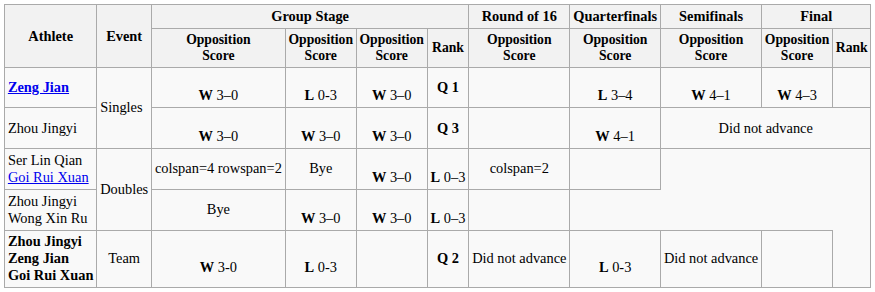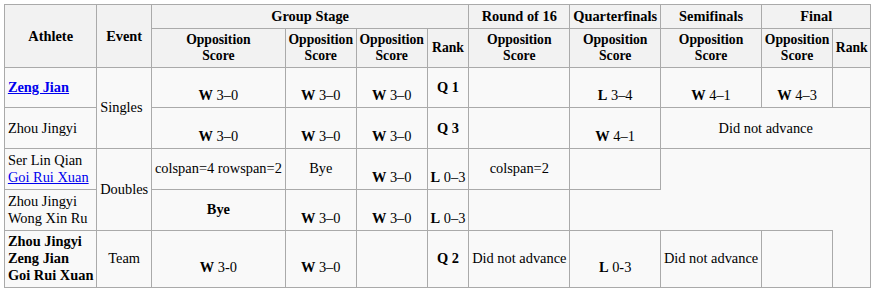 <table class="wikitable" style="font-size:90%">
 <tr>
 <th rowspan="2">Athlete</th>
 <th rowspan="2">Event</th>
 <th colspan="4">Group Stage</th>
 <th>Round of 16</th>
 <th>Quarterfinals</th>
 <th>Semifinals</th>
 <th colspan="2">Final</th>
 </tr>
 <tr style="font-size:95%">
 <th>Opposition<br>Score</th>
 <th>Opposition<br>Score</th>
 <th>Opposition<br>Score</th>
 <th>Rank</th>
 <th>Opposition<br>Score</th>
 <th>Opposition<br>Score</th>
 <th>Opposition<br>Score</th>
 <th>Opposition<br>Score</th>
 <th>Rank</th>
 </tr>
 <tr align="center">
 <td align="left"><strong><a href='#'>Zeng Jian</a></strong></td>
 <td rowspan="2" align="left">Singles</td>
 <td><br><strong>W</strong> 3–0</td>
-<td><br><strong>L</strong> 0-3</td>
+<td><br><strong>W</strong> 3–0</td>
 <td><br><strong>W</strong> 3–0</td>
 <td><strong>Q 1</strong></td>
 <td></td>
 <td><br><strong>L</strong> 3–4</td>
 <td><br><strong>W</strong> 4–1</td>
 <td><br><strong>W</strong> 4–3</td>
 <td></td>
 </tr>
 <tr align="center">
 <td align="left">Zhou Jingyi</td>
 <td><br><strong>W</strong> 3–0</td>
 <td><br><strong>W</strong> 3–0</td>
 <td><br><strong>W</strong> 3–0</td>
 <td><strong>Q 3</strong></td>
 <td></td>
 <td><br><strong>W</strong> 4–1</td>
 <td colspan="3">Did not advance</td>
 </tr>
 <tr align="center">
 <td align="left">Ser Lin Qian<br><a href='#'>Goi Rui Xuan</a></td>
 <td rowspan="2" align="left">Doubles</td>
 <td>colspan=4 rowspan=2 </td>
 <td>Bye</td>
 <td><br><strong>W</strong> 3–0</td>
 <td><br><strong>L</strong> 0–3</td>
 <td>colspan=2 </td>
 <td></td>
 </tr>
 <tr align="center">
 <td align="left">Zhou Jingyi<br>Wong Xin Ru</td>
-<td>Bye</td>
+<td><strong>Bye</strong></td>
 <td><br><strong>W</strong> 3–0</td>
 <td><br><strong>W</strong> 3–0</td>
 <td><br><strong>L</strong> 0–3</td>
 <td></td>
 </tr>
 <tr align="center">
 <td align="left"><strong>Zhou Jingyi<br>Zeng Jian<br>Goi Rui Xuan</strong></td>
 <td>Team</td>
 <td><br><strong>W</strong> 3-0</td>
-<td><br><strong>L</strong> 0-3</td>
+<td><br><strong>W</strong> 3–0</td>
 <td></td>
 <td><strong>Q 2</strong></td>
 <td>Did not advance</td>
 <td><br><strong>L</strong> 0-3</td>
 <td>Did not advance</td>
 <td></td>
 </tr>
 </table>
